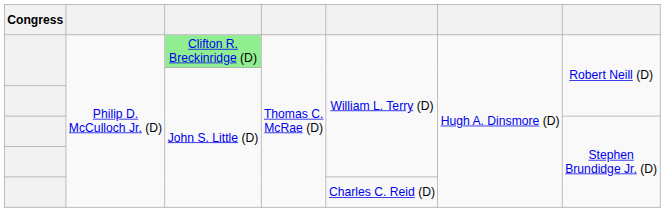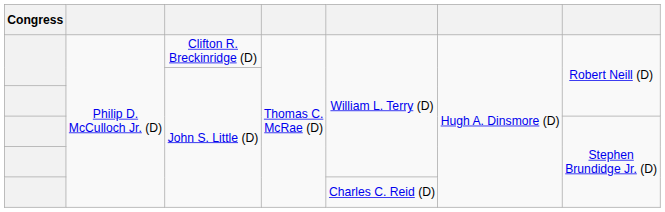 <table class=wikitable style="text-align:center">
 <tr style="height:2.5em">
 <th scope="col">Congress</th>
 <th scope="col"></th>
 <th scope="col"></th>
 <th scope="col"></th>
 <th scope="col"></th>
 <th scope="col"></th>
 <th scope="col"></th>
 </tr>
 <tr style="height:1.5em">
 <th scope="row" rowspan=2> </th>
 <td rowspan=6 ><a href='#'>Philip D.<br>McCulloch Jr.</a> (D)</td>
-<td style="background: lightgreen;"><a href='#'>Clifton R.<br>Breckinridge</a> (D)</td>
+<td><a href='#'>Clifton R.<br>Breckinridge</a> (D)</td>
 <td rowspan=6 ><a href='#'>Thomas C.<br>McRae</a> (D)</td>
 <td rowspan=5 ><a href='#'>William L. Terry</a> (D)</td>
 <td rowspan=6 ><a href='#'>Hugh A. Dinsmore</a> (D)</td>
 <td rowspan=3 ><a href='#'>Robert Neill</a> (D)</td>
 </tr>
 <tr style="height:1.5em">
 <td rowspan=5 ><a href='#'>John S. Little</a> (D)</td>
 </tr>
 <tr style="height:2.5em">
 <th scope="row"> </th>
 </tr>
 <tr style="height:2.5em">
 <th scope="row"> </th>
 <td rowspan=3 ><a href='#'>Stephen<br>Brundidge Jr.</a> (D)</td>
 </tr>
 <tr style="height:2.5em">
 <th scope="row"> </th>
 </tr>
 <tr style="height:2.5em">
 <th scope="row"> </th>
 <td><a href='#'>Charles C. Reid</a> (D)</td>
 </tr>
 </table>
